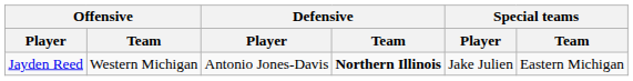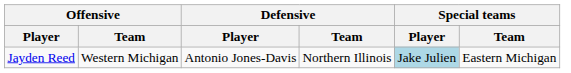 <table class="wikitable" style="display: inline-table;">
 <tr>
 <th colspan="2">Offensive</th>
 <th colspan="2">Defensive</th>
 <th colspan="2">Special teams</th>
 </tr>
 <tr>
 <th>Player</th>
 <th>Team</th>
 <th>Player</th>
 <th>Team</th>
 <th>Player</th>
 <th>Team</th>
 </tr>
 <tr>
 <td><a href='#'>Jayden Reed</a></td>
 <td>Western Michigan</td>
 <td>Antonio Jones-Davis</td>
-<td><strong>Northern Illinois</strong></td>
-<td>Jake Julien</td>
+<td>Northern Illinois</td>
+<td style="background: lightblue;">Jake Julien</td>
 <td>Eastern Michigan</td>
 </tr>
 </table>
